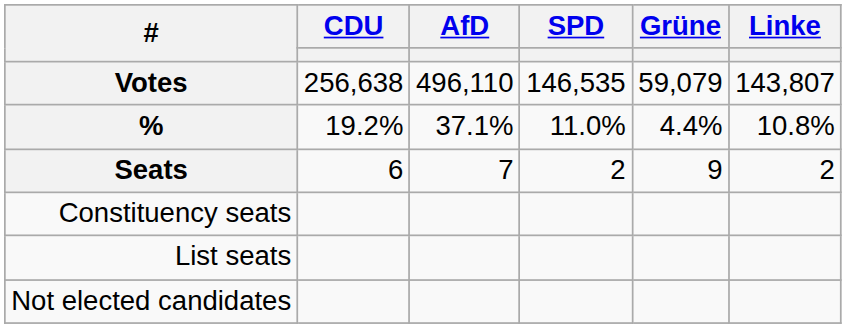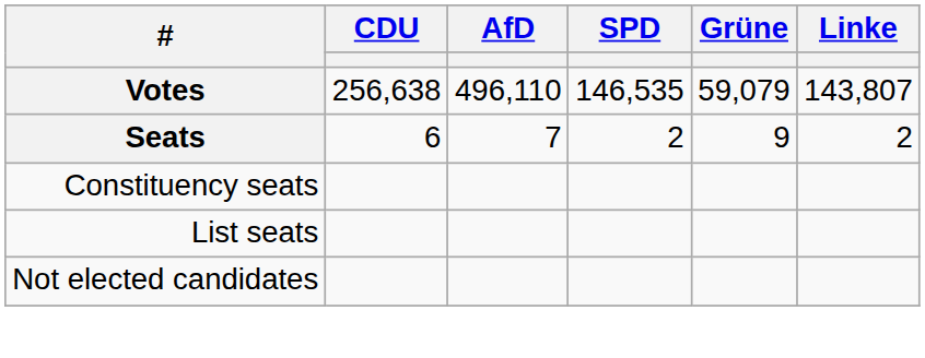 <table class="wikitable" style="text-align:right;vertical-align:top">
 <tr>
 <th rowspan="2">#</th>
 <th class="wikitable sortable"><a href='#'>CDU</a></th>
 <th class="wikitable sortable"><a href='#'>AfD</a></th>
 <th class="wikitable sortable"><a href='#'>SPD</a></th>
 <th class="wikitable sortable"><a href='#'>Grüne</a></th>
 <th class="wikitable sortable"><a href='#'>Linke</a></th>
 </tr>
 <tr>
 <th class="wikitable sortable" style="background:"></th>
 <th class="wikitable sortable" style="background:"></th>
 <th class="wikitable sortable" style="background:"></th>
 <th class="wikitable sortable" style="background:"></th>
 <th class="wikitable sortable" style="background:"></th>
 </tr>
 <tr>
 <th>Votes</th>
 <td>256,638</td>
 <td>496,110</td>
 <td>146,535</td>
 <td>59,079</td>
 <td>143,807</td>
-</tr>
-<tr>
-<th>%</th>
-<td>19.2%</td>
-<td>37.1%</td>
-<td>11.0%</td>
-<td>4.4%</td>
-<td>10.8%</td>
 </tr>
 <tr>
 <th>Seats</th>
 <td>6</td>
 <td>7</td>
 <td>2</td>
 <td>9</td>
 <td>2</td>
 </tr>
 <tr style="vertical-align:top">
 <td>Constituency seats</td>
 <td></td>
 <td></td>
 <td></td>
 <td></td>
 <td></td>
 </tr>
 <tr style="vertical-align:top">
 <td>List seats</td>
 <td></td>
 <td></td>
 <td></td>
 <td></td>
 <td></td>
 </tr>
 <tr style="vertical-align:top">
 <td>Not elected candidates</td>
 <td><div><br> </div></td>
 <td><div><br>   </div></td>
 <td><div><br> </div></td>
 <td><div><br> </div></td>
 <td><div><br> </div></td>
 </tr>
 </table>
